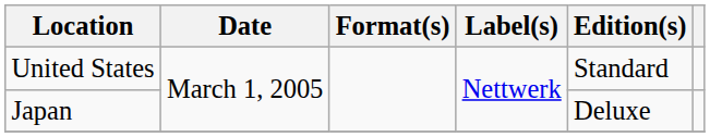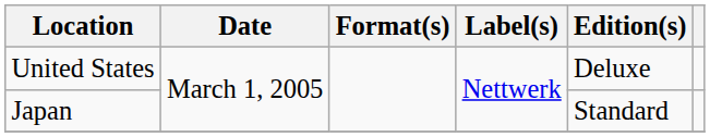 <table class="wikitable plainrowheaders">
 <tr>
 <th scope="col">Location</th>
 <th scope="col">Date</th>
 <th scope="col">Format(s)</th>
 <th scope="col">Label(s)</th>
 <th scope="col">Edition(s)</th>
 <th scope="col"></th>
 </tr>
 <tr>
 <td>United States</td>
 <td rowspan="2">March 1, 2005</td>
 <td rowspan="2"></td>
 <td rowspan="2"><a href='#'>Nettwerk</a></td>
-<td>Standard</td>
+<td>Deluxe</td>
 <td></td>
 </tr>
 <tr>
 <td>Japan</td>
-<td>Deluxe</td>
+<td>Standard</td>
 <td></td>
 </tr>
 <tr>
 </tr>
 </table>
